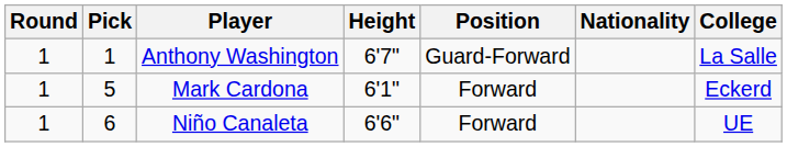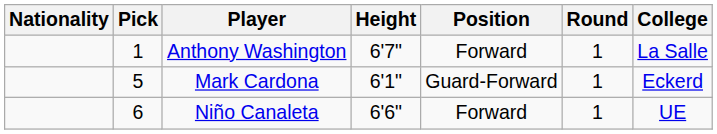 <table class="wikitable sortable sortable">
 <tr>
-<th>Round</th>
+<th>Nationality</th>
 <th>Pick</th>
 <th>Player</th>
 <th>Height</th>
 <th>Position</th>
-<th>Nationality</th>
+<th>Round</th>
 <th>College</th>
 </tr>
 <tr style="text-align: center">
-<td>1</td>
+<td></td>
 <td>1</td>
 <td><a href='#'>Anthony Washington</a></td>
 <td>6'7"</td>
-<td>Guard-Forward</td>
-<td></td>
+<td>Forward</td>
+<td>1</td>
 <td><a href='#'>La Salle</a></td>
 </tr>
 <tr style="text-align: center">
-<td>1</td>
+<td></td>
 <td>5</td>
 <td><a href='#'>Mark Cardona</a></td>
 <td>6'1"</td>
-<td>Forward</td>
-<td></td>
+<td>Guard-Forward</td>
+<td>1</td>
 <td><a href='#'>Eckerd</a></td>
 </tr>
 <tr style="text-align: center">
-<td>1</td>
+<td></td>
 <td>6</td>
 <td><a href='#'>Niño Canaleta</a></td>
 <td>6'6"</td>
 <td>Forward</td>
-<td></td>
+<td>1</td>
 <td><a href='#'>UE</a></td>
 </tr>
 </table>
